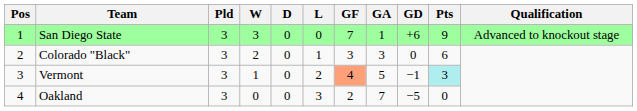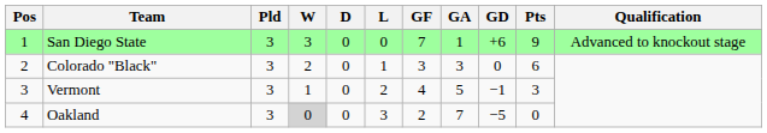 <table class="wikitable" style="text-align:center; margin: 1em auto">
 <tr>
 <th style="width:2em">Pos</th>
 <th style="width:13em">Team</th>
 <th style="width:2em">Pld</th>
 <th style="width:2em">W</th>
 <th style="width:2em">D</th>
 <th style="width:2em">L</th>
 <th style="width:2em">GF</th>
 <th style="width:2em">GA</th>
 <th style="width:2em">GD</th>
 <th style="width:2em">Pts</th>
 <th style="width:13em">Qualification</th>
 </tr>
 <tr bgcolor="#9eff9e">
 <td>1</td>
 <td style="text-align:left">San Diego State</td>
 <td>3</td>
 <td>3</td>
 <td>0</td>
 <td>0</td>
 <td>7</td>
 <td>1</td>
 <td>+6</td>
 <td>9</td>
 <td>Advanced to knockout stage</td>
 </tr>
 <tr>
 <td>2</td>
 <td style="text-align:left">Colorado "Black"</td>
 <td>3</td>
 <td>2</td>
 <td>0</td>
 <td>1</td>
 <td>3</td>
 <td>3</td>
 <td>0</td>
 <td>6</td>
 <td rowspan="3"></td>
 </tr>
 <tr>
 <td>3</td>
 <td style="text-align:left">Vermont</td>
 <td>3</td>
 <td>1</td>
 <td>0</td>
 <td>2</td>
-<td style="background: lightsalmon;">4</td>
+<td>4</td>
 <td>5</td>
 <td>−1</td>
-<td style="background: paleturquoise;">3</td>
+<td>3</td>
 </tr>
 <tr>
 <td>4</td>
 <td style="text-align:left">Oakland</td>
 <td>3</td>
-<td>0</td>
+<td style="background: lightgrey;">0</td>
 <td>0</td>
 <td>3</td>
 <td>2</td>
 <td>7</td>
 <td>−5</td>
 <td>0</td>
 </tr>
 </table>
